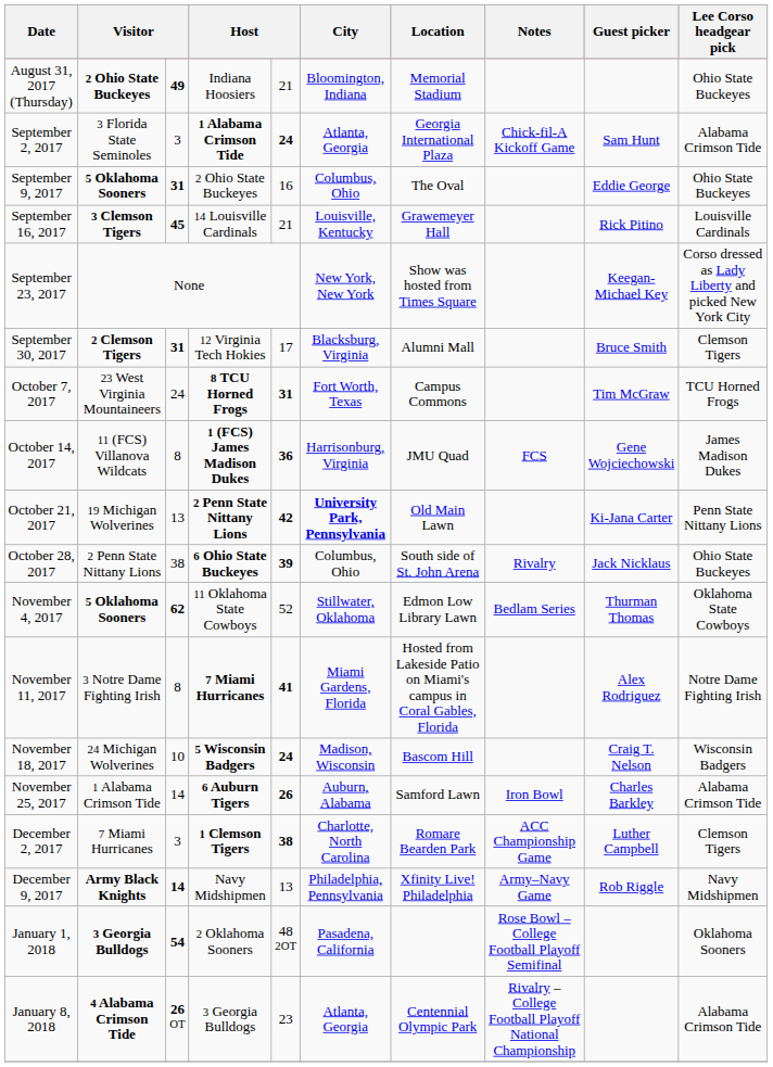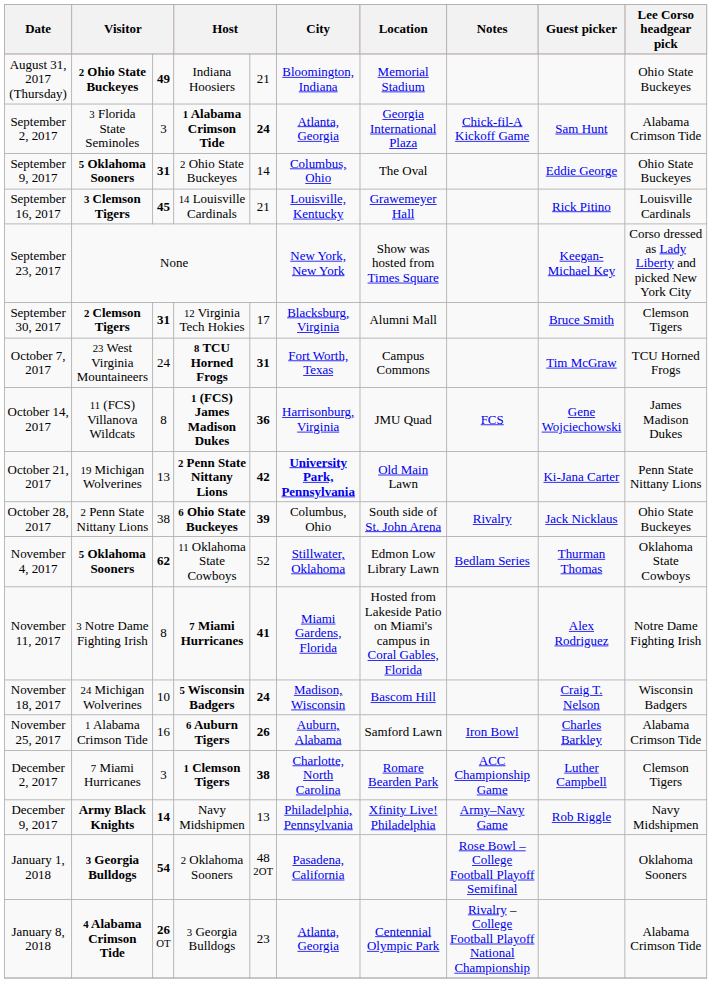 <table class="wikitable" style="text-align:center">
 <tr style="background:#A32638;"|>
 <th>Date</th>
 <th colspan=2>Visitor</th>
 <th colspan=2>Host</th>
 <th>City</th>
 <th>Location</th>
 <th>Notes</th>
 <th>Guest picker</th>
 <th>Lee Corso headgear pick</th>
 </tr>
 <tr>
 <td>August 31, 2017 (Thursday)</td>
 <td><strong><small>2</small> Ohio State Buckeyes</strong></td>
 <td><strong>49</strong></td>
 <td>Indiana Hoosiers</td>
 <td>21</td>
 <td><a href='#'>Bloomington, Indiana</a></td>
 <td><a href='#'>Memorial Stadium</a></td>
 <td></td>
 <td></td>
 <td>Ohio State Buckeyes</td>
 </tr>
 <tr>
 <td>September 2, 2017</td>
 <td><small>3</small> Florida State Seminoles</td>
 <td>3</td>
 <td><strong><small>1</small> Alabama Crimson Tide</strong></td>
 <td><strong>24</strong></td>
 <td><a href='#'>Atlanta, Georgia</a></td>
 <td><a href='#'>Georgia International Plaza</a></td>
 <td><a href='#'>Chick-fil-A Kickoff Game</a></td>
 <td><a href='#'>Sam Hunt</a></td>
 <td>Alabama Crimson Tide</td>
 </tr>
 <tr>
 <td>September 9, 2017</td>
 <td><strong><small>5</small> Oklahoma Sooners</strong></td>
 <td><strong>31</strong></td>
 <td><small>2</small> Ohio State Buckeyes</td>
-<td>16</td>
+<td>14</td>
 <td><a href='#'>Columbus, Ohio</a></td>
 <td>The Oval</td>
 <td></td>
 <td><a href='#'>Eddie George</a></td>
 <td>Ohio State Buckeyes</td>
 </tr>
 <tr>
 <td>September 16, 2017</td>
 <td><strong><small>3</small> Clemson Tigers</strong></td>
 <td><strong>45</strong></td>
 <td><small>14</small> Louisville Cardinals</td>
 <td>21</td>
 <td><a href='#'>Louisville, Kentucky</a></td>
 <td><a href='#'>Grawemeyer Hall</a></td>
 <td></td>
 <td><a href='#'>Rick Pitino</a></td>
 <td>Louisville Cardinals</td>
 </tr>
 <tr>
 <td>September 23, 2017</td>
 <td colspan="4">None</td>
 <td><a href='#'>New York, New York</a></td>
 <td>Show was hosted from <a href='#'>Times Square</a></td>
 <td></td>
 <td><a href='#'>Keegan-Michael Key</a></td>
 <td>Corso dressed as <a href='#'>Lady Liberty</a> and picked New York City</td>
 </tr>
 <tr>
 <td>September 30, 2017</td>
 <td><strong><small>2</small> Clemson Tigers</strong></td>
 <td><strong>31</strong></td>
 <td><small>12</small> Virginia Tech Hokies</td>
 <td>17</td>
 <td><a href='#'>Blacksburg, Virginia</a></td>
 <td>Alumni Mall</td>
 <td></td>
 <td><a href='#'>Bruce Smith</a></td>
 <td>Clemson Tigers</td>
 </tr>
 <tr>
 <td>October 7, 2017</td>
 <td><small>23</small> West Virginia Mountaineers</td>
 <td>24</td>
 <td><strong><small>8</small> TCU Horned Frogs</strong></td>
 <td><strong>31</strong></td>
 <td><a href='#'>Fort Worth, Texas</a></td>
 <td>Campus Commons</td>
 <td></td>
 <td><a href='#'>Tim McGraw</a></td>
 <td>TCU Horned Frogs</td>
 </tr>
 <tr>
 <td>October 14, 2017</td>
 <td><small>11</small> (FCS) Villanova Wildcats</td>
 <td>8</td>
 <td><strong><small>1</small> (FCS) James Madison Dukes</strong></td>
 <td><strong>36</strong></td>
 <td><a href='#'>Harrisonburg, Virginia</a></td>
 <td>JMU Quad</td>
 <td><a href='#'>FCS</a></td>
 <td><a href='#'>Gene Wojciechowski</a></td>
 <td>James Madison Dukes</td>
 </tr>
 <tr>
 <td>October 21, 2017</td>
 <td><small>19</small> Michigan Wolverines</td>
 <td>13</td>
 <td><strong><small>2</small> Penn State Nittany Lions</strong></td>
 <td><strong>42</strong></td>
 <td><strong><a href='#'>University Park, Pennsylvania</a></strong></td>
 <td><a href='#'>Old Main</a> Lawn</td>
 <td></td>
 <td><a href='#'>Ki-Jana Carter</a></td>
 <td>Penn State Nittany Lions</td>
 </tr>
 <tr>
 <td>October 28, 2017</td>
 <td><small>2</small> Penn State Nittany Lions</td>
 <td>38</td>
 <td><strong><small>6</small> Ohio State Buckeyes</strong></td>
 <td><strong>39</strong></td>
 <td>Columbus, Ohio</td>
 <td>South side of <a href='#'>St. John Arena</a></td>
 <td><a href='#'>Rivalry</a></td>
 <td><a href='#'>Jack Nicklaus</a></td>
 <td>Ohio State Buckeyes</td>
 </tr>
 <tr>
 <td>November 4, 2017</td>
 <td><strong><small>5</small> Oklahoma Sooners</strong></td>
 <td><strong>62</strong></td>
 <td><small>11</small> Oklahoma State Cowboys</td>
 <td>52</td>
 <td><a href='#'>Stillwater, Oklahoma</a></td>
 <td>Edmon Low Library Lawn</td>
 <td><a href='#'>Bedlam Series</a></td>
 <td><a href='#'>Thurman Thomas</a></td>
 <td>Oklahoma State Cowboys</td>
 </tr>
 <tr>
 <td>November 11, 2017</td>
 <td><small>3</small> Notre Dame Fighting Irish</td>
 <td>8</td>
 <td><strong><small>7</small> Miami Hurricanes</strong></td>
 <td><strong>41</strong></td>
 <td><a href='#'>Miami Gardens, Florida</a></td>
 <td>Hosted from Lakeside Patio on Miami's campus in <a href='#'>Coral Gables, Florida</a></td>
 <td></td>
 <td><a href='#'>Alex Rodriguez</a></td>
 <td>Notre Dame Fighting Irish</td>
 </tr>
 <tr>
 <td>November 18, 2017</td>
 <td><small>24</small> Michigan Wolverines</td>
 <td>10</td>
 <td><strong><small>5</small> Wisconsin Badgers</strong></td>
 <td><strong>24</strong></td>
 <td><a href='#'>Madison, Wisconsin</a></td>
 <td><a href='#'>Bascom Hill</a></td>
 <td></td>
 <td><a href='#'>Craig T. Nelson</a></td>
 <td>Wisconsin Badgers</td>
 </tr>
 <tr>
 <td>November 25, 2017</td>
 <td><small>1</small> Alabama Crimson Tide</td>
-<td>14</td>
+<td>16</td>
 <td><strong><small>6</small> Auburn Tigers</strong></td>
 <td><strong>26</strong></td>
 <td><a href='#'>Auburn, Alabama</a></td>
 <td>Samford Lawn</td>
 <td><a href='#'>Iron Bowl</a></td>
 <td><a href='#'>Charles Barkley</a></td>
 <td>Alabama Crimson Tide</td>
 </tr>
 <tr>
 <td>December 2, 2017</td>
 <td><small>7</small> Miami Hurricanes</td>
 <td>3</td>
 <td><strong><small>1</small> Clemson Tigers</strong></td>
 <td><strong>38</strong></td>
 <td><a href='#'>Charlotte, North Carolina</a></td>
 <td><a href='#'>Romare Bearden Park</a></td>
 <td><a href='#'>ACC Championship Game</a></td>
 <td><a href='#'>Luther Campbell</a></td>
 <td>Clemson Tigers</td>
 </tr>
 <tr>
 <td>December 9, 2017</td>
 <td><strong>Army Black Knights</strong></td>
 <td><strong>14</strong></td>
 <td>Navy Midshipmen</td>
 <td>13</td>
 <td><a href='#'>Philadelphia, Pennsylvania</a></td>
 <td><a href='#'>Xfinity Live! Philadelphia</a></td>
 <td><a href='#'>Army–Navy Game</a></td>
 <td><a href='#'>Rob Riggle</a></td>
 <td>Navy Midshipmen</td>
 </tr>
 <tr>
 <td>January 1, 2018</td>
 <td><strong><small>3</small> Georgia Bulldogs</strong></td>
 <td><strong>54</strong></td>
 <td><small>2</small> Oklahoma Sooners</td>
 <td>48 <sup>2OT</sup></td>
 <td><a href='#'>Pasadena, California</a></td>
 <td></td>
 <td><a href='#'>Rose Bowl – College Football Playoff Semifinal</a></td>
 <td></td>
 <td>Oklahoma Sooners</td>
 </tr>
 <tr>
 <td>January 8, 2018</td>
 <td><strong><small>4</small> Alabama Crimson Tide</strong></td>
 <td><strong>26</strong> <sup>OT</sup></td>
 <td><small>3</small> Georgia Bulldogs</td>
 <td>23</td>
 <td><a href='#'>Atlanta, Georgia</a></td>
 <td><a href='#'>Centennial Olympic Park</a></td>
 <td><a href='#'>Rivalry</a> – <a href='#'>College Football Playoff National Championship</a></td>
 <td></td>
 <td>Alabama Crimson Tide</td>
 </tr>
 <tr>
 </tr>
 </table>
